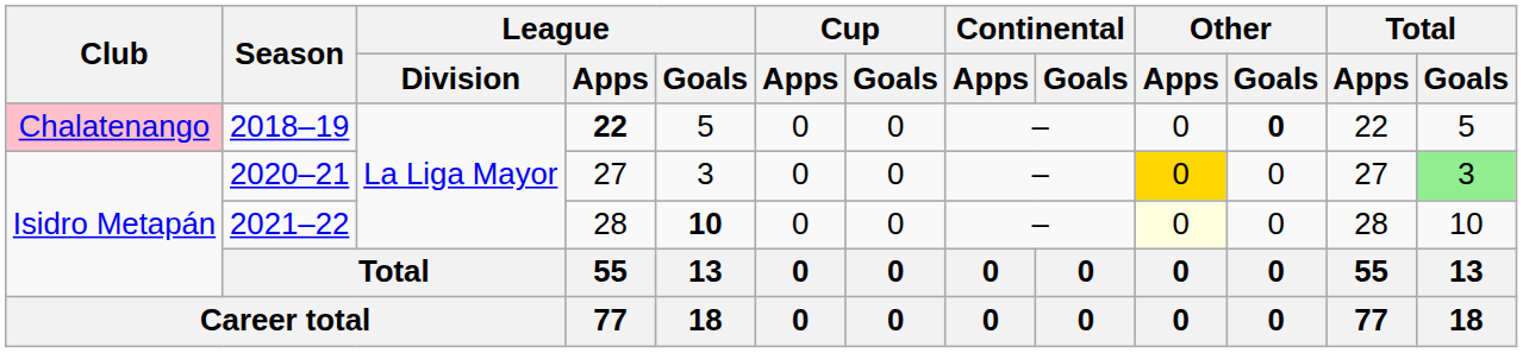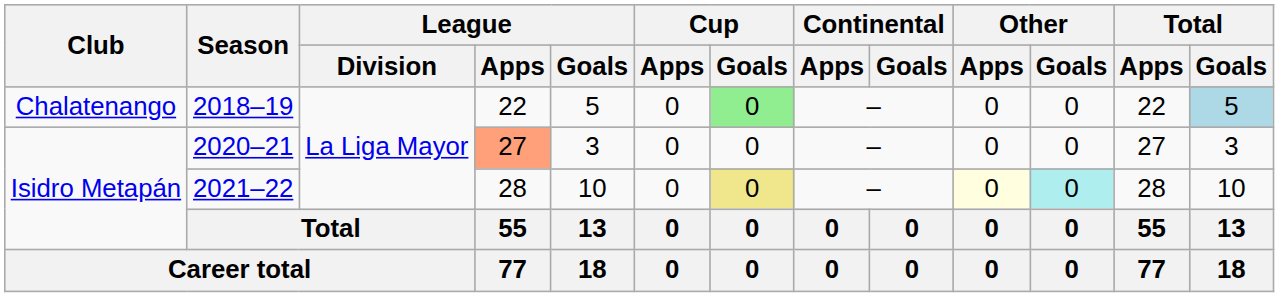 <table class="wikitable" style="text-align: center">
 <tr>
 <th rowspan="2">Club</th>
 <th rowspan="2">Season</th>
 <th colspan="3">League</th>
 <th colspan="2">Cup</th>
 <th colspan="2">Continental</th>
 <th colspan="2">Other</th>
 <th colspan="2">Total</th>
 </tr>
 <tr>
 <th>Division</th>
 <th>Apps</th>
 <th>Goals</th>
 <th>Apps</th>
 <th>Goals</th>
 <th>Apps</th>
 <th>Goals</th>
 <th>Apps</th>
 <th>Goals</th>
 <th>Apps</th>
 <th>Goals</th>
 </tr>
 <tr>
-<td style="background: pink;"><a href='#'>Chalatenango</a></td>
+<td><a href='#'>Chalatenango</a></td>
 <td><a href='#'>2018–19</a></td>
 <td rowspan="3"><a href='#'>La Liga Mayor</a></td>
-<td><strong>22</strong></td>
+<td>22</td>
 <td>5</td>
+<td>0</td>
+<td style="background: lightgreen;">0</td>
+<td colspan="2">–</td>
+<td>0</td>
+<td>0</td>
+<td>22</td>
+<td style="background: lightblue;">5</td>
+</tr>
+<tr>
+<td rowspan="3"><a href='#'>Isidro Metapán</a></td>
+<td><a href='#'>2020–21</a></td>
+<td style="background: lightsalmon;">27</td>
+<td>3</td>
 <td>0</td>
 <td>0</td>
 <td colspan="2">–</td>
 <td>0</td>
-<td><strong>0</strong></td>
-<td>22</td>
-<td>5</td>
-</tr>
-<tr>
-<td rowspan="3"><a href='#'>Isidro Metapán</a></td>
-<td><a href='#'>2020–21</a></td>
+<td>0</td>
 <td>27</td>
 <td>3</td>
-<td>0</td>
-<td>0</td>
-<td colspan="2">–</td>
-<td style="background: gold;">0</td>
-<td>0</td>
-<td>27</td>
-<td style="background: lightgreen;">3</td>
 </tr>
 <tr>
 <td><a href='#'>2021–22</a></td>
 <td>28</td>
-<td><strong>10</strong></td>
+<td>10</td>
 <td>0</td>
-<td>0</td>
+<td style="background: khaki;">0</td>
 <td colspan="2">–</td>
 <td style="background: lightyellow;">0</td>
-<td>0</td>
+<td style="background: paleturquoise;">0</td>
 <td>28</td>
 <td>10</td>
 </tr>
 <tr>
 <th colspan="2">Total</th>
 <th>55</th>
 <th>13</th>
 <th>0</th>
 <th>0</th>
 <th>0</th>
 <th>0</th>
 <th>0</th>
 <th>0</th>
 <th>55</th>
 <th>13</th>
 </tr>
 <tr>
 <th colspan="3">Career total</th>
 <th>77</th>
 <th>18</th>
 <th>0</th>
 <th>0</th>
 <th>0</th>
 <th>0</th>
 <th>0</th>
 <th>0</th>
 <th>77</th>
 <th>18</th>
 </tr>
 </table>
